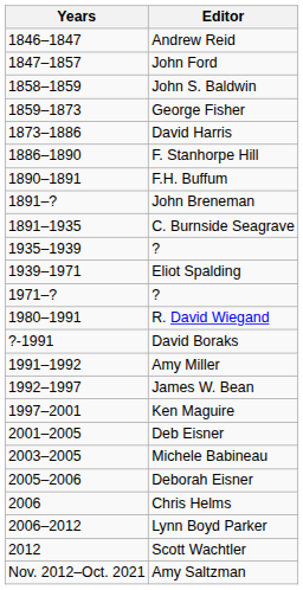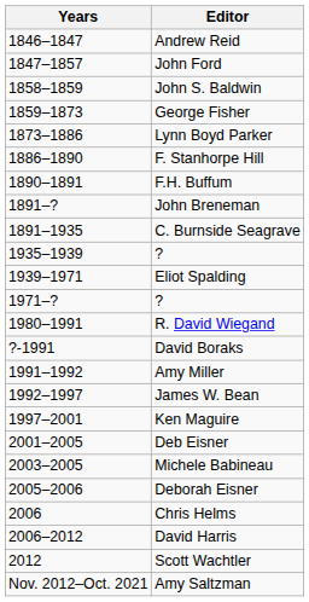 <table class="wikitable" style="float: right;">
 <tr>
 <th>Years</th>
 <th>Editor</th>
 </tr>
 <tr>
 <td>1846–1847</td>
 <td>Andrew Reid</td>
 </tr>
 <tr>
 <td>1847–1857</td>
 <td>John Ford</td>
 </tr>
 <tr>
 <td>1858–1859</td>
 <td>John S. Baldwin</td>
 </tr>
 <tr>
 <td>1859–1873</td>
 <td>George Fisher</td>
 </tr>
 <tr>
 <td>1873–1886</td>
-<td>David Harris</td>
+<td>Lynn Boyd Parker</td>
 </tr>
 <tr>
 <td>1886–1890</td>
 <td>F. Stanhorpe Hill</td>
 </tr>
 <tr>
 <td>1890–1891</td>
 <td>F.H. Buffum</td>
 </tr>
 <tr>
 <td>1891–?</td>
 <td>John Breneman</td>
 </tr>
 <tr>
 <td>1891–1935</td>
 <td>C. Burnside Seagrave</td>
 </tr>
 <tr>
 <td>1935–1939</td>
 <td>?</td>
 </tr>
 <tr>
 <td>1939–1971</td>
 <td>Eliot Spalding</td>
 </tr>
 <tr>
 <td>1971–?</td>
 <td>?</td>
 </tr>
 <tr>
 <td>1980–1991</td>
 <td>R. <a href='#'>David Wiegand</a></td>
 </tr>
 <tr>
 <td>?-1991</td>
 <td>David Boraks</td>
 </tr>
 <tr>
 <td>1991–1992</td>
 <td>Amy Miller</td>
 </tr>
 <tr>
 <td>1992–1997</td>
 <td>James W. Bean</td>
 </tr>
 <tr>
 <td>1997–2001</td>
 <td>Ken Maguire</td>
 </tr>
 <tr>
 <td>2001–2005</td>
 <td>Deb Eisner</td>
 </tr>
 <tr>
 <td>2003–2005</td>
 <td>Michele Babineau</td>
 </tr>
 <tr>
 <td>2005–2006</td>
 <td>Deborah Eisner</td>
 </tr>
 <tr>
 <td>2006</td>
 <td>Chris Helms</td>
 </tr>
 <tr>
 <td>2006–2012</td>
-<td>Lynn Boyd Parker</td>
+<td>David Harris</td>
 </tr>
 <tr>
 <td>2012</td>
 <td>Scott Wachtler</td>
 </tr>
 <tr>
 <td>Nov. 2012–Oct. 2021</td>
 <td>Amy Saltzman</td>
 </tr>
 </table>
